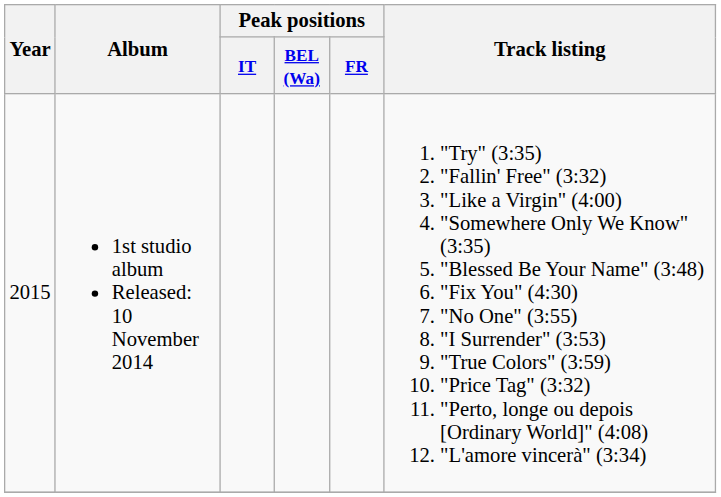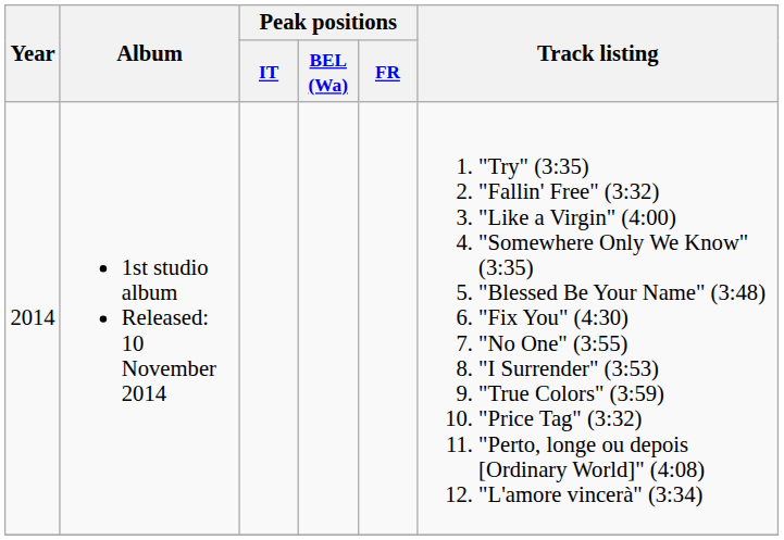 <table class="wikitable">
 <tr>
 <th rowspan="2" width="10">Year</th>
 <th rowspan="2" width="120">Album</th>
 <th colspan="3" width="20">Peak positions</th>
 <th rowspan="2" width="250">Track listing</th>
 </tr>
 <tr>
 <th style="width:35px;"><small><a href='#'>IT</a></small><br></th>
 <th style="width:35px;"><small><a href='#'>BEL <br>(Wa)</a></small><br></th>
 <th style="width:35px;"><small><a href='#'>FR</a></small><br></th>
 </tr>
 <tr>
-<td>2015</td>
+<td>2014</td>
 <td><em></em><br><ul><li>1st studio album</li><li>Released: 10 November 2014</li></ul></td>
 <td></td>
 <td></td>
 <td></td>
 <td><br><ol><li>"Try" (3:35)</li><li>"Fallin' Free" (3:32)</li><li>"Like a Virgin" (4:00)</li><li>"Somewhere Only We Know" (3:35)</li><li>"Blessed Be Your Name" (3:48)</li><li>"Fix You" (4:30)</li><li>"No One" (3:55)</li><li>"I Surrender" (3:53)</li><li>"True Colors" (3:59)</li><li>"Price Tag" (3:32)</li><li>"Perto, longe ou depois [Ordinary World]" (4:08)</li><li>"L'amore vincerà" (3:34)</li></ol></td>
 </tr>
 <tr>
 </tr>
 </table>
